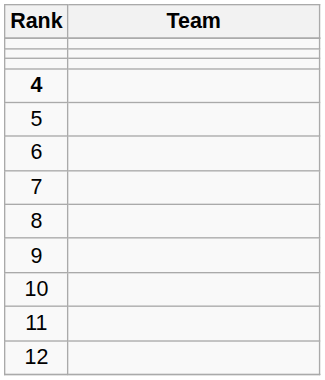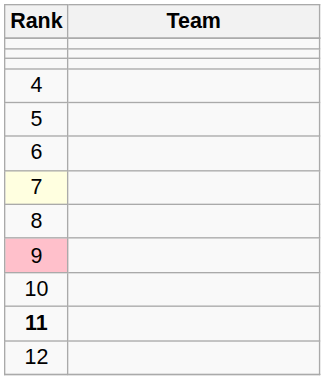 <table class="wikitable" style="text-align:center;">
 <tr>
 <th width=40>Rank</th>
 <th width=180>Team</th>
 </tr>
 <tr>
 </tr>
 <tr>
 <td></td>
 <td style="text-align:left;"></td>
 </tr>
 <tr>
 <td></td>
 <td style="text-align:left;"></td>
 </tr>
 <tr>
 <td></td>
 <td style="text-align:left;"></td>
 </tr>
 <tr>
-<td><strong>4</strong></td>
+<td>4</td>
 <td style="text-align:left;"></td>
 </tr>
 <tr>
 <td>5</td>
 <td style="text-align:left;"></td>
 </tr>
 <tr>
 <td>6</td>
 <td style="text-align:left;"></td>
 </tr>
 <tr>
-<td>7</td>
+<td style="background: lightyellow;">7</td>
 <td style="text-align:left;"></td>
 </tr>
 <tr>
 <td>8</td>
 <td style="text-align:left;"></td>
 </tr>
 <tr>
-<td>9</td>
+<td style="background: pink;">9</td>
 <td style="text-align:left;"></td>
 </tr>
 <tr>
 <td>10</td>
 <td style="text-align:left;"></td>
 </tr>
 <tr>
-<td>11</td>
+<td><strong>11</strong></td>
 <td style="text-align:left;"></td>
 </tr>
 <tr>
 <td>12</td>
 <td style="text-align:left;"></td>
 </tr>
 <tr>
 </tr>
 </table>
